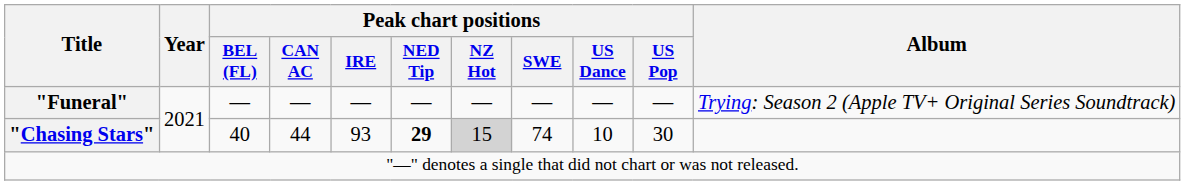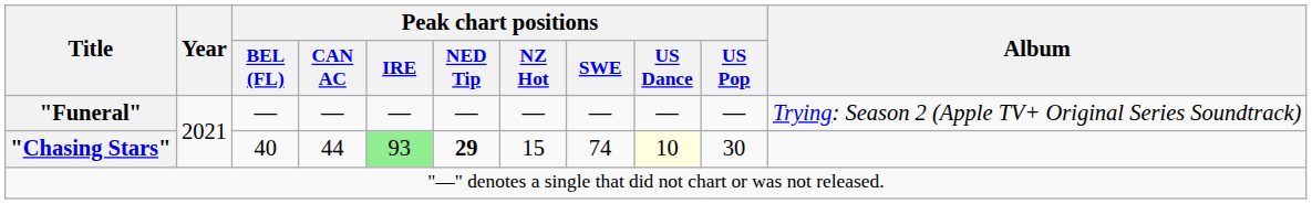 <table class="wikitable plainrowheaders" style="text-align:center;">
 <tr>
 <th scope="col" rowspan="2">Title</th>
 <th scope="col" rowspan="2">Year</th>
 <th scope="col" colspan="8">Peak chart positions</th>
 <th scope="col" rowspan="2">Album</th>
 </tr>
 <tr>
 <th scope="col" style="width:3em;font-size:85%;"><a href='#'>BEL<br>(FL)</a><br></th>
 <th scope="col" style="width:3em;font-size:85%;"><a href='#'>CAN<br>AC</a><br></th>
 <th scope="col" style="width:3em;font-size:85%;"><a href='#'>IRE</a><br></th>
 <th scope="col" style="width:3em;font-size:85%;"><a href='#'>NED<br>Tip</a><br></th>
 <th scope="col" style="width:3em;font-size:85%;"><a href='#'>NZ<br>Hot</a><br></th>
 <th scope="col" style="width:3em;font-size:85%;"><a href='#'>SWE</a><br></th>
 <th scope="col" style="width:3em;font-size:85%;"><a href='#'>US<br>Dance</a><br></th>
 <th scope="col" style="width:3em;font-size:85%;"><a href='#'>US<br>Pop</a><br></th>
 </tr>
 <tr>
 <th scope="row">"Funeral"<br></th>
 <td rowspan="2">2021</td>
 <td>—</td>
 <td>—</td>
 <td>—</td>
 <td>—</td>
 <td>—</td>
 <td>—</td>
 <td>—</td>
 <td>—</td>
 <td><em><a href='#'>Trying</a>: Season 2 (Apple TV+ Original Series Soundtrack)</em></td>
 </tr>
 <tr>
 <th scope="row">"<a href='#'>Chasing Stars</a>"<br></th>
 <td>40</td>
 <td>44</td>
-<td>93</td>
+<td style="background: lightgreen;">93</td>
 <td><strong>29</strong></td>
-<td style="background: lightgrey;">15</td>
+<td>15</td>
 <td>74</td>
-<td>10</td>
+<td style="background: lightyellow;">10</td>
 <td>30</td>
 <td></td>
 </tr>
 <tr>
 <td colspan="24" style="font-size:85%">"—" denotes a single that did not chart or was not released.</td>
 </tr>
 </table>
